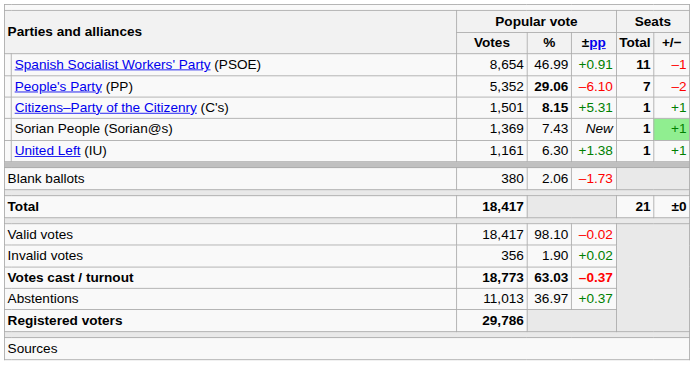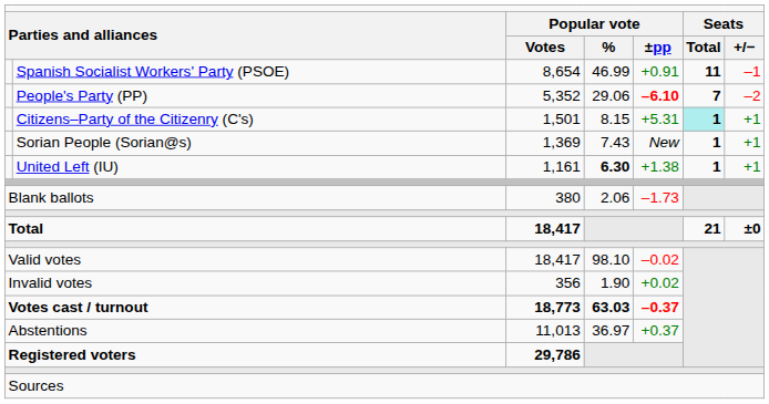 <table class="wikitable" style="text-align:right;">
 <tr>
 <td colspan="7"></td>
 </tr>
 <tr>
 <th style="text-align:left;" rowspan="2" colspan="2" width="525">Parties and alliances</th>
 <th colspan="3">Popular vote</th>
 <th colspan="2">Seats</th>
 </tr>
 <tr>
 <th width="75">Votes</th>
 <th width="45">%</th>
 <th width="45">±<a href='#'>pp</a></th>
 <th width="35">Total</th>
 <th width="35">+/−</th>
 </tr>
 <tr>
 <td width="1" style="color:inherit;background:"></td>
 <td align="left"><a href='#'>Spanish Socialist Workers' Party</a> (PSOE)</td>
 <td>8,654</td>
 <td>46.99</td>
 <td style="color:green;">+0.91</td>
 <td><strong>11</strong></td>
 <td style="color:red;">–1</td>
 </tr>
 <tr>
 <td style="color:inherit;background:"></td>
 <td align="left"><a href='#'>People's Party</a> (PP)</td>
 <td>5,352</td>
-<td><strong>29.06</strong></td>
-<td style="color:red;">–6.10</td>
+<td>29.06</td>
+<td style="color:red;"><strong>–6.10</strong></td>
 <td><strong>7</strong></td>
 <td style="color:red;">–2</td>
 </tr>
 <tr>
 <td style="color:inherit;background:"></td>
 <td align="left"><a href='#'>Citizens–Party of the Citizenry</a> (C's)</td>
 <td>1,501</td>
-<td><strong>8.15</strong></td>
+<td>8.15</td>
 <td style="color:green;">+5.31</td>
-<td><strong>1</strong></td>
+<td style="background: paleturquoise;"><strong>1</strong></td>
 <td style="color:green;">+1</td>
 </tr>
 <tr>
 <td style="color:inherit;background:"></td>
 <td align="left">Sorian People (Sorian@s)</td>
 <td>1,369</td>
 <td>7.43</td>
 <td><em>New</em></td>
 <td><strong>1</strong></td>
-<td style="background: lightgreen; color:green;">+1</td>
+<td style="color:green;">+1</td>
 </tr>
 <tr>
 <td style="color:inherit;background:"></td>
 <td align="left"><a href='#'>United Left</a> (IU)</td>
 <td>1,161</td>
-<td>6.30</td>
+<td><strong>6.30</strong></td>
 <td style="color:green;">+1.38</td>
 <td><strong>1</strong></td>
 <td style="color:green;">+1</td>
 </tr>
 <tr>
 <td colspan="7" bgcolor="#C0C0C0"></td>
 </tr>
 <tr>
 <td align="left" colspan="2">Blank ballots</td>
 <td>380</td>
 <td>2.06</td>
 <td style="color:red;">–1.73</td>
 <td bgcolor="#E9E9E9" colspan="2"></td>
 </tr>
 <tr>
 <td colspan="7" bgcolor="#E9E9E9"></td>
 </tr>
 <tr style="font-weight:bold;">
 <td align="left" colspan="2">Total</td>
 <td>18,417</td>
 <td bgcolor="#E9E9E9" colspan="2"></td>
 <td>21</td>
 <td>±0</td>
 </tr>
 <tr>
 <td colspan="7" bgcolor="#E9E9E9"></td>
 </tr>
 <tr>
 <td align="left" colspan="2">Valid votes</td>
 <td>18,417</td>
 <td>98.10</td>
 <td style="color:red;">–0.02</td>
 <td bgcolor="#E9E9E9" colspan="2" rowspan="5"></td>
 </tr>
 <tr>
 <td align="left" colspan="2">Invalid votes</td>
 <td>356</td>
 <td>1.90</td>
 <td style="color:green;">+0.02</td>
 </tr>
 <tr style="font-weight:bold;">
 <td align="left" colspan="2">Votes cast / turnout</td>
 <td>18,773</td>
 <td>63.03</td>
 <td style="color:red;">–0.37</td>
 </tr>
 <tr>
 <td align="left" colspan="2">Abstentions</td>
 <td>11,013</td>
 <td>36.97</td>
 <td style="color:green;">+0.37</td>
 </tr>
 <tr style="font-weight:bold;">
 <td align="left" colspan="2">Registered voters</td>
 <td>29,786</td>
 <td bgcolor="#E9E9E9" colspan="2"></td>
 </tr>
 <tr>
 <td colspan="7" bgcolor="#E9E9E9"></td>
 </tr>
 <tr>
 <td align="left" colspan="7">Sources</td>
 </tr>
 </table>
